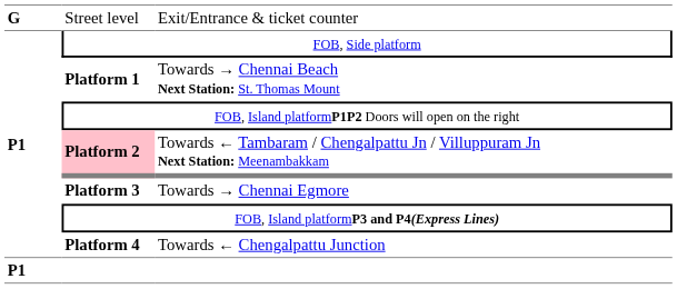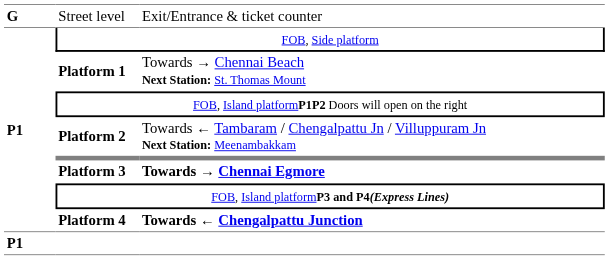 <table cellpadding="3" cellspacing="0" border="0">
 <tr>
 <td valign="top" width="30" style="border-top:solid 1px gray;border-bottom:solid 1px gray;"><strong>G</strong></td>
 <td valign="top" width="85" style="border-top:solid 1px gray;border-bottom:solid 1px gray;">Street level</td>
 <td valign="top" width="500" style="border-top:solid 1px gray;border-bottom:solid 1px gray;">Exit/Entrance & ticket counter</td>
 </tr>
 <tr>
 <td rowspan="7" style="border-bottom:solid 1px gray;" width="50" valign="center"><strong>P1</strong></td>
 <td colspan="2" style="border-right:solid 2px black;border-left:solid 2px black;border-bottom:solid 2px black;text-align:center;"><a href='#'><small>FOB</small></a><small>, <a href='#'>Side platform</a></small></td>
 </tr>
 <tr>
 <td width="85" style="border-bottom:solid 1px white;"><span><strong>Platform 1</strong></span></td>
 <td width="500" style="border-bottom:solid 1px white;">Towards → <a href='#'>Chennai Beach</a><br><small><strong>Next Station:</strong> <a href='#'>St. Thomas Mount</a></small></td>
 </tr>
 <tr>
 <td colspan="2" style="border-top:solid 2px black;border-right:solid 2px black;border-left:solid 2px black;border-bottom:solid 2px black;text-align:center;"><a href='#'><small>FOB</small></a><small>, <a href='#'>Island platform</a><strong>P1</strong><strong>P2</strong> Doors will open on the right</small></td>
 </tr>
 <tr>
-<td width="85" style="background: pink; border-bottom:solid 5px gray;"><span><strong>Platform 2</strong></span></td>
+<td width="85" style="border-bottom:solid 5px gray;"><span><strong>Platform 2</strong></span></td>
 <td width="500" style="border-bottom:solid 5px gray;">Towards ← <a href='#'>Tambaram</a> / <a href='#'>Chengalpattu Jn</a> / <a href='#'>Villuppuram Jn</a><br><small><strong>Next Station:</strong> <a href='#'>Meenambakkam</a></small></td>
 </tr>
 <tr>
 <td width="85" style="border-bottom:solid 1px white;"><span><strong>Platform 3</strong></span></td>
-<td style="border-bottom:solid 1px white;" width="500">Towards → <a href='#'>Chennai Egmore</a></td>
+<td style="border-bottom:solid 1px white;" width="500"><strong>Towards → <a href='#'>Chennai Egmore</a></strong></td>
 </tr>
 <tr>
 <td colspan="2" style="border-top:solid 2px black;border-right:solid 2px black;border-left:solid 2px black;border-bottom:solid 2px black;text-align:center;"><a href='#'><small>FOB</small></a><small>, <a href='#'>Island platform</a><strong>P3 and P4</strong><strong><em>(Express Lines)</em></strong></small></td>
 </tr>
 <tr>
 <td width="85" style="border-bottom:solid 1px gray;"><span><strong>Platform 4</strong></span></td>
-<td style="border-bottom:solid 1px gray;" width="500">Towards ← <a href='#'>Chengalpattu Junction</a></td>
+<td style="border-bottom:solid 1px gray;" width="500"><strong>Towards ← <a href='#'>Chengalpattu Junction</a></strong></td>
 </tr>
 <tr>
 <td style="border-bottom:solid 1px gray;" width="50" valign="top"><strong>P1</strong></td>
 <td style="border-bottom:solid 1px gray;" width="50" valign="top"></td>
 <td style="border-bottom:solid 1px gray;" width="50" valign="top"></td>
 </tr>
 <tr>
 </tr>
 </table>
